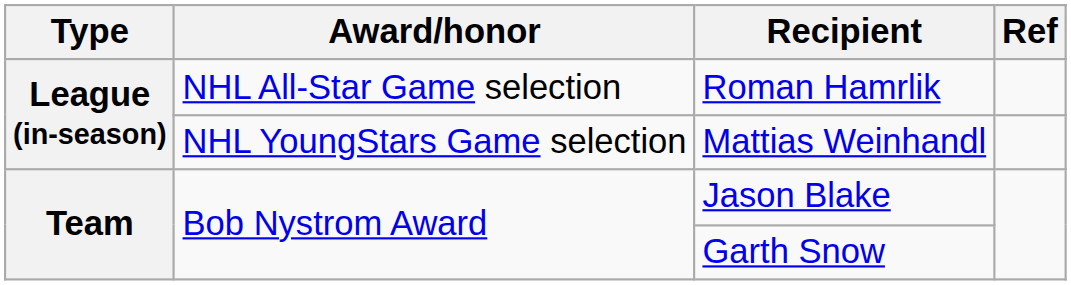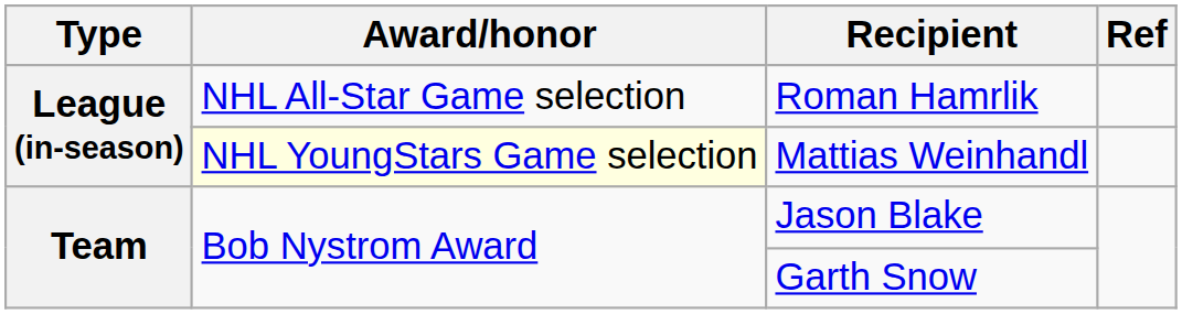 <table class="wikitable">
 <tr>
 <th scope="col">Type</th>
 <th scope="col">Award/honor</th>
 <th scope="col">Recipient</th>
 <th scope="col">Ref</th>
 </tr>
 <tr>
 <th scope="row" rowspan="2">League<br><small>(in-season)</small></th>
 <td><a href='#'>NHL All-Star Game</a> selection</td>
 <td><a href='#'>Roman Hamrlik</a></td>
 <td></td>
 </tr>
 <tr>
-<td><a href='#'>NHL YoungStars Game</a> selection</td>
+<td style="background: lightyellow;"><a href='#'>NHL YoungStars Game</a> selection</td>
 <td><a href='#'>Mattias Weinhandl</a></td>
 <td></td>
 </tr>
 <tr>
 <th scope="row" rowspan="2">Team</th>
 <td rowspan="2"><a href='#'>Bob Nystrom Award</a></td>
 <td><a href='#'>Jason Blake</a></td>
 <td rowspan="2"></td>
 </tr>
 <tr>
 <td><a href='#'>Garth Snow</a></td>
 </tr>
 </table>
